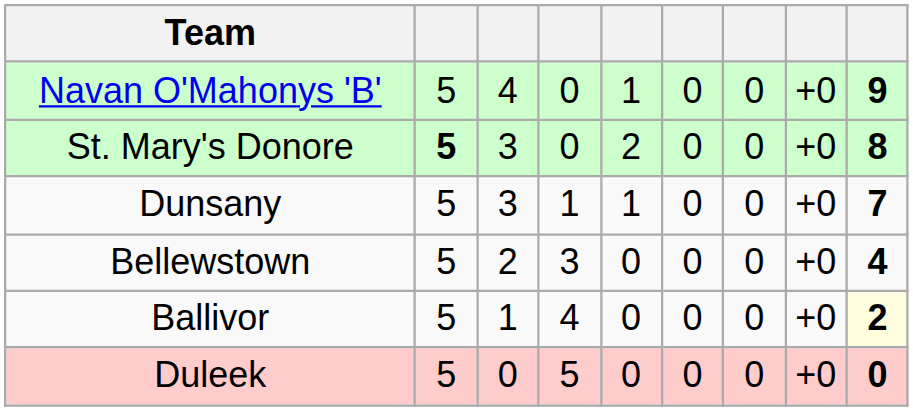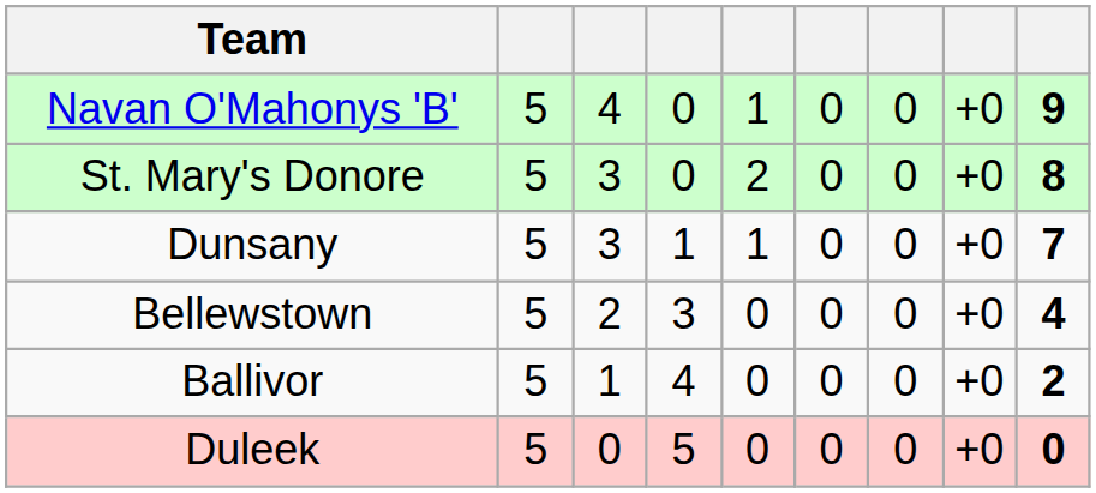 <table class="wikitable" style="text-align:center">
 <tr>
 <th width="175">Team</th>
 <th width="20"></th>
 <th width="20"></th>
 <th width="20"></th>
 <th width="20"></th>
 <th width="20"></th>
 <th width="20"></th>
 <th width="20"></th>
 <th width="20"></th>
 </tr>
 <tr style="background:#cfc;">
 <td><a href='#'>Navan O'Mahonys 'B'</a></td>
 <td>5</td>
 <td>4</td>
 <td>0</td>
 <td>1</td>
 <td>0</td>
 <td>0</td>
 <td>+0</td>
 <td><strong>9</strong></td>
 </tr>
 <tr style="background:#cfc;">
 <td>St. Mary's Donore</td>
-<td><strong>5</strong></td>
+<td>5</td>
 <td>3</td>
 <td>0</td>
 <td>2</td>
 <td>0</td>
 <td>0</td>
 <td>+0</td>
 <td><strong>8</strong></td>
 </tr>
 <tr>
 <td>Dunsany</td>
 <td>5</td>
 <td>3</td>
 <td>1</td>
 <td>1</td>
 <td>0</td>
 <td>0</td>
 <td>+0</td>
 <td><strong>7</strong></td>
 </tr>
 <tr>
 <td>Bellewstown</td>
 <td>5</td>
 <td>2</td>
 <td>3</td>
 <td>0</td>
 <td>0</td>
 <td>0</td>
 <td>+0</td>
 <td><strong>4</strong></td>
 </tr>
 <tr>
 <td>Ballivor</td>
 <td>5</td>
 <td>1</td>
 <td>4</td>
 <td>0</td>
 <td>0</td>
 <td>0</td>
 <td>+0</td>
-<td style="background: lightyellow;"><strong>2</strong></td>
+<td><strong>2</strong></td>
 </tr>
 <tr style="background:#fcc;">
 <td>Duleek</td>
 <td>5</td>
 <td>0</td>
 <td>5</td>
 <td>0</td>
 <td>0</td>
 <td>0</td>
 <td>+0</td>
 <td><strong>0</strong></td>
 </tr>
 </table>
